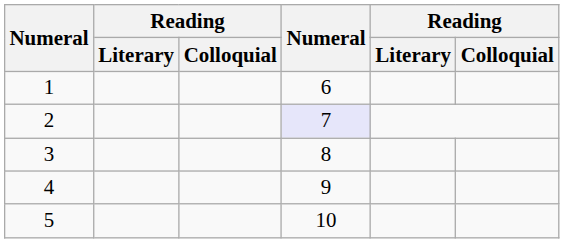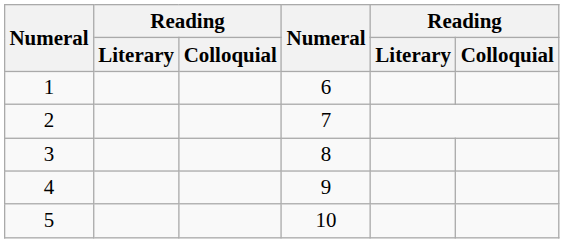 <table class="wikitable" style="text-align:center">
 <tr>
 <th rowspan=2>Numeral</th>
 <th colspan=2>Reading</th>
 <th rowspan=2>Numeral</th>
 <th colspan=2>Reading</th>
 </tr>
 <tr>
 <th>Literary</th>
 <th>Colloquial</th>
 <th>Literary</th>
 <th>Colloquial</th>
 </tr>
 <tr>
 <td>1</td>
 <td></td>
 <td></td>
 <td>6</td>
 <td></td>
 <td></td>
 </tr>
 <tr>
 <td>2</td>
 <td></td>
 <td></td>
-<td style="background: lavender;">7</td>
+<td>7</td>
 <td colspan="2"></td>
 </tr>
 <tr>
 <td>3</td>
 <td></td>
 <td></td>
 <td>8</td>
 <td></td>
 <td></td>
 </tr>
 <tr>
 <td>4</td>
 <td></td>
 <td></td>
 <td>9</td>
 <td></td>
 <td></td>
 </tr>
 <tr>
 <td>5</td>
 <td></td>
 <td></td>
 <td>10</td>
 <td></td>
 <td></td>
 </tr>
 </table>
